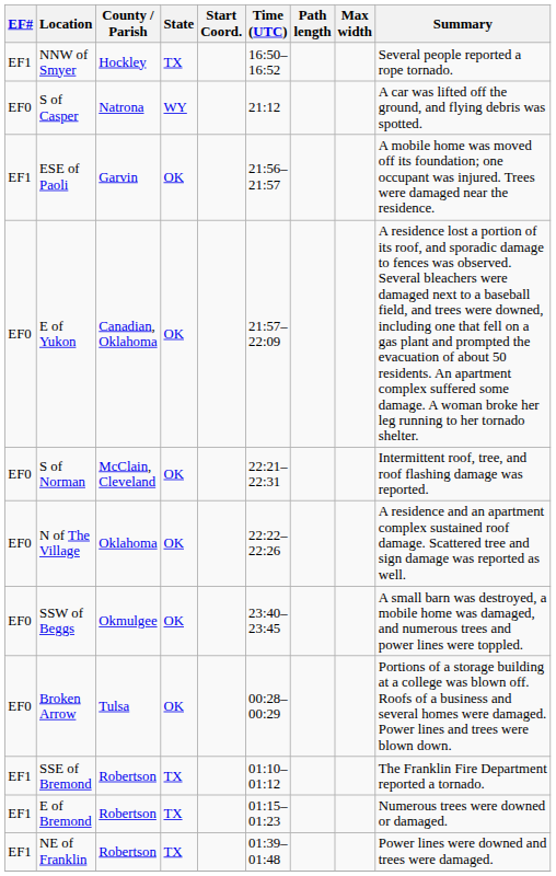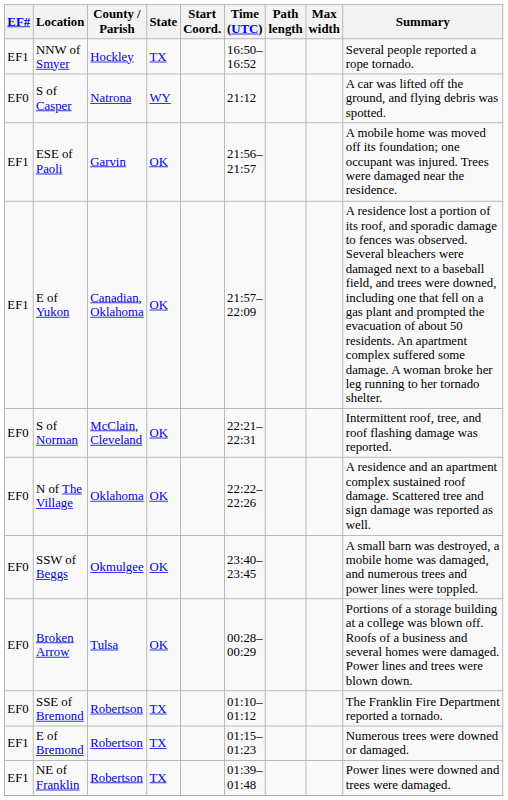 <table class="wikitable sortable" style="width:100%;">
 <tr>
 <th scope="col" width="3%" align="center"><a href='#'>EF#</a></th>
 <th scope="col" width="7%" align="center" class="unsortable">Location</th>
 <th scope="col" width="6%" align="center" class="unsortable">County / Parish</th>
 <th scope="col" width="5%" align="center">State</th>
 <th scope="col" width="6%" align="center">Start Coord.</th>
 <th scope="col" width="6%" align="center">Time (<a href='#'>UTC</a>)</th>
 <th scope="col" width="6%" align="center">Path length</th>
 <th scope="col" width="6%" align="center">Max width</th>
 <th scope="col" width="48%" class="unsortable" align="center">Summary</th>
 </tr>
 <tr>
 <td>EF1</td>
 <td>NNW of <a href='#'>Smyer</a></td>
 <td><a href='#'>Hockley</a></td>
 <td><a href='#'>TX</a></td>
 <td></td>
 <td>16:50–16:52</td>
 <td></td>
 <td></td>
 <td>Several people reported a rope tornado.</td>
 </tr>
 <tr>
 <td>EF0</td>
 <td>S of <a href='#'>Casper</a></td>
 <td><a href='#'>Natrona</a></td>
 <td><a href='#'>WY</a></td>
 <td></td>
 <td>21:12</td>
 <td></td>
 <td></td>
 <td>A car was lifted off the ground, and flying debris was spotted.</td>
 </tr>
 <tr>
 <td>EF1</td>
 <td>ESE of <a href='#'>Paoli</a></td>
 <td><a href='#'>Garvin</a></td>
 <td><a href='#'>OK</a></td>
 <td></td>
 <td>21:56–21:57</td>
 <td></td>
 <td></td>
 <td>A mobile home was moved off its foundation; one occupant was injured. Trees were damaged near the residence.</td>
 </tr>
 <tr>
-<td>EF0</td>
+<td>EF1</td>
 <td>E of <a href='#'>Yukon</a></td>
 <td><a href='#'>Canadian</a>, <a href='#'>Oklahoma</a></td>
 <td><a href='#'>OK</a></td>
 <td></td>
 <td>21:57–22:09</td>
 <td></td>
 <td></td>
 <td>A residence lost a portion of its roof, and sporadic damage to fences was observed. Several bleachers were damaged next to a baseball field, and trees were downed, including one that fell on a gas plant and prompted the evacuation of about 50 residents. An apartment complex suffered some damage. A woman broke her leg running to her tornado shelter.</td>
 </tr>
 <tr>
 <td>EF0</td>
 <td>S of <a href='#'>Norman</a></td>
 <td><a href='#'>McClain</a>, <a href='#'>Cleveland</a></td>
 <td><a href='#'>OK</a></td>
 <td></td>
 <td>22:21–22:31</td>
 <td></td>
 <td></td>
 <td>Intermittent roof, tree, and roof flashing damage was reported.</td>
 </tr>
 <tr>
 <td>EF0</td>
 <td>N of <a href='#'>The Village</a></td>
 <td><a href='#'>Oklahoma</a></td>
 <td><a href='#'>OK</a></td>
 <td></td>
 <td>22:22–22:26</td>
 <td></td>
 <td></td>
 <td>A residence and an apartment complex sustained roof damage. Scattered tree and sign damage was reported as well.</td>
 </tr>
 <tr>
 <td>EF0</td>
 <td>SSW of <a href='#'>Beggs</a></td>
 <td><a href='#'>Okmulgee</a></td>
 <td><a href='#'>OK</a></td>
 <td></td>
 <td>23:40–23:45</td>
 <td></td>
 <td></td>
 <td>A small barn was destroyed, a mobile home was damaged, and numerous trees and power lines were toppled.</td>
 </tr>
 <tr>
 <td>EF0</td>
 <td><a href='#'>Broken Arrow</a></td>
 <td><a href='#'>Tulsa</a></td>
 <td><a href='#'>OK</a></td>
 <td></td>
 <td>00:28–00:29</td>
 <td></td>
 <td></td>
 <td>Portions of a storage building at a college was blown off. Roofs of a business and several homes were damaged. Power lines and trees were blown down.</td>
 </tr>
 <tr>
-<td>EF1</td>
+<td>EF0</td>
 <td>SSE of <a href='#'>Bremond</a></td>
 <td><a href='#'>Robertson</a></td>
 <td><a href='#'>TX</a></td>
 <td></td>
 <td>01:10–01:12</td>
 <td></td>
 <td></td>
 <td>The Franklin Fire Department reported a tornado.</td>
 </tr>
 <tr>
 <td>EF1</td>
 <td>E of <a href='#'>Bremond</a></td>
 <td><a href='#'>Robertson</a></td>
 <td><a href='#'>TX</a></td>
 <td></td>
 <td>01:15–01:23</td>
 <td></td>
 <td></td>
 <td>Numerous trees were downed or damaged.</td>
 </tr>
 <tr>
 <td>EF1</td>
 <td>NE of <a href='#'>Franklin</a></td>
 <td><a href='#'>Robertson</a></td>
 <td><a href='#'>TX</a></td>
 <td></td>
 <td>01:39–01:48</td>
 <td></td>
 <td></td>
 <td>Power lines were downed and trees were damaged.</td>
 </tr>
 <tr>
 </tr>
 </table>
